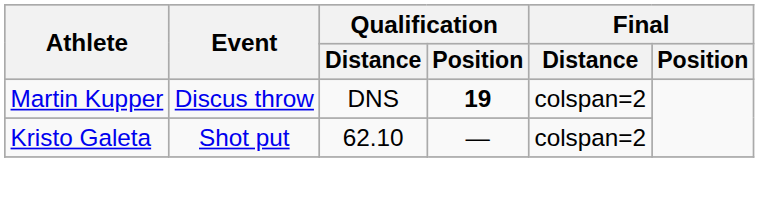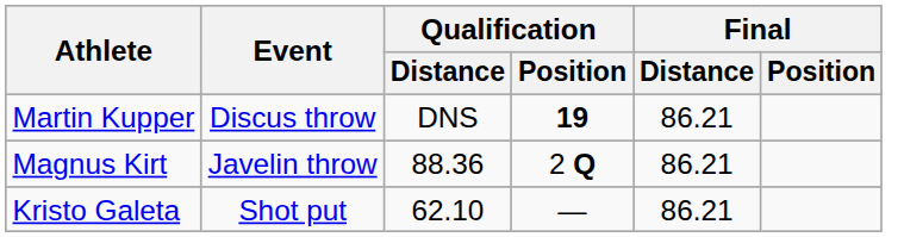 <table class=wikitable style=font-size:90%>
 <tr>
 <th rowspan=2>Athlete</th>
 <th rowspan=2>Event</th>
 <th colspan=2>Qualification</th>
 <th colspan=2>Final</th>
 </tr>
 <tr style=font-size:95%>
 <th>Distance</th>
 <th>Position</th>
 <th>Distance</th>
 <th>Position</th>
 </tr>
 <tr align=center>
 <td align=left><a href='#'>Martin Kupper</a></td>
 <td><a href='#'>Discus throw</a></td>
 <td>DNS</td>
 <td><strong>19</strong></td>
-<td>colspan=2 </td>
+<td>86.21</td>
+</tr>
+<tr align=center>
+<td align=left><a href='#'>Magnus Kirt</a></td>
+<td><a href='#'>Javelin throw</a></td>
+<td>88.36</td>
+<td>2 <strong>Q</strong></td>
+<td>86.21</td>
+<td></td>
 </tr>
 <tr align=center>
 <td align=left><a href='#'>Kristo Galeta</a></td>
 <td><a href='#'>Shot put</a></td>
 <td>62.10</td>
 <td>—</td>
-<td>colspan=2 </td>
+<td>86.21</td>
 </tr>
 </table>
